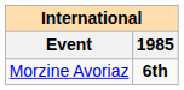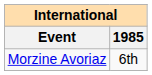 <table class="wikitable" style="text-align:center">
 <tr>
 <th style="background-color: #ffdead; " colspan=2 align=center>International</th>
 </tr>
 <tr>
 <th>Event</th>
 <th>1985</th>
 </tr>
 <tr>
 <td align=left><a href='#'>Morzine Avoriaz</a></td>
-<td><strong>6th</strong></td>
+<td>6th</td>
 </tr>
 </table>
